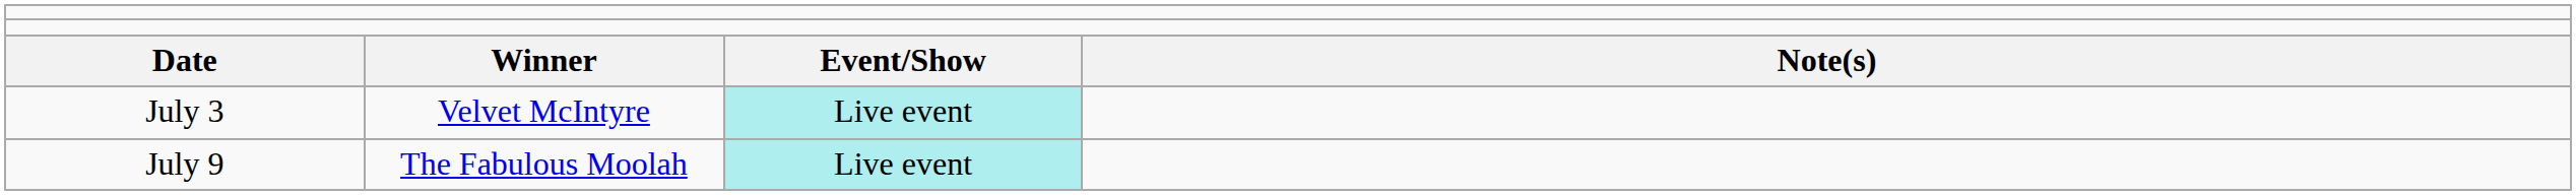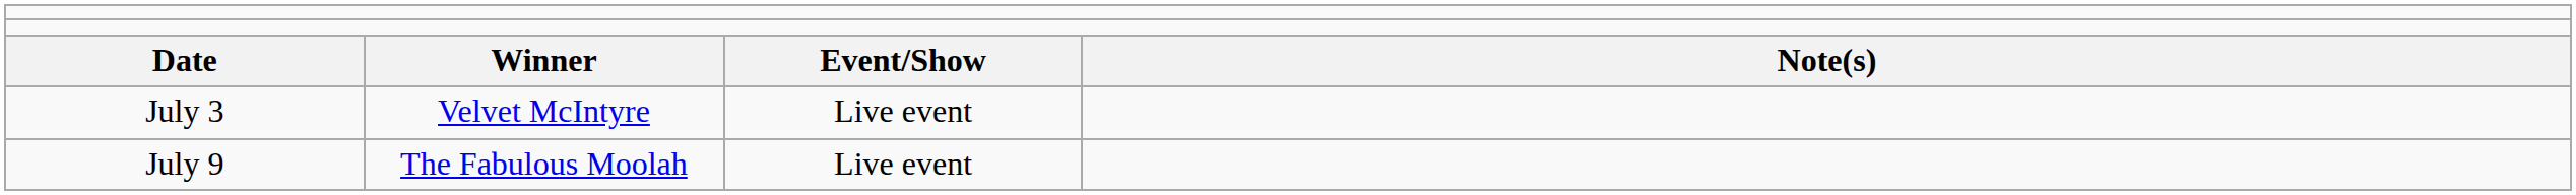 <table class="wikitable" style="text-align:center; width:100%;">
 <tr>
 <td colspan="5"></td>
 </tr>
 <tr>
 <td colspan="5"><strong></strong></td>
 </tr>
 <tr>
 <th width=14%>Date</th>
 <th width=14%>Winner</th>
 <th width=14%>Event/Show</th>
 <th width=58%>Note(s)</th>
 </tr>
 <tr>
 <td>July 3</td>
 <td><a href='#'>Velvet McIntyre</a></td>
-<td style="background: paleturquoise;">Live event</td>
+<td>Live event</td>
 <td align=left></td>
 </tr>
 <tr>
 <td>July 9</td>
 <td><a href='#'>The Fabulous Moolah</a></td>
-<td style="background: paleturquoise;">Live event</td>
+<td>Live event</td>
 <td align=left></td>
 </tr>
 <tr>
 </tr>
 </table>
